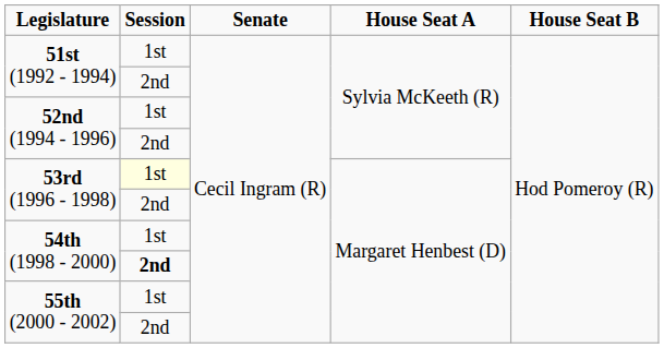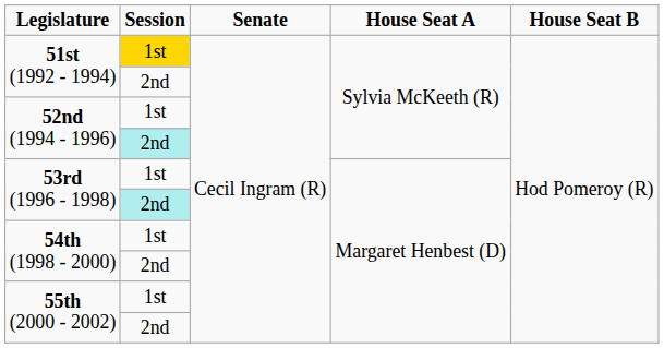 <table class=wikitable style="text-align:center">
 <tr>
 <td><strong>Legislature</strong></td>
 <td><strong>Session</strong></td>
 <td><strong>Senate</strong></td>
 <td><strong>House Seat A</strong></td>
 <td><strong>House Seat B</strong></td>
 </tr>
 <tr>
 <td rowspan="2" colspan="1" style="text-align: center;"><strong>51st</strong> <br> (1992 - 1994)</td>
-<td>1st</td>
+<td style="background: gold;">1st</td>
 <td rowspan="10" colspan="1" style="text-align: center;" >Cecil Ingram (R)</td>
 <td rowspan="4" colspan="1" style="text-align: center;" >Sylvia McKeeth (R)</td>
 <td rowspan="10" colspan="1" style="text-align: center;" >Hod Pomeroy (R)</td>
 </tr>
 <tr>
 <td>2nd</td>
 </tr>
 <tr>
 <td rowspan="2" colspan="1" style="text-align: center;"><strong>52nd</strong> <br> (1994 - 1996)</td>
 <td>1st</td>
 </tr>
 <tr>
-<td>2nd</td>
+<td style="background: paleturquoise;">2nd</td>
 </tr>
 <tr>
 <td rowspan="2" colspan="1" style="text-align: center;"><strong>53rd</strong> <br> (1996 - 1998)</td>
-<td style="background: lightyellow;">1st</td>
+<td>1st</td>
 <td rowspan="6" colspan="1" style="text-align: center;" >Margaret Henbest (D)</td>
 </tr>
 <tr>
-<td>2nd</td>
+<td style="background: paleturquoise;">2nd</td>
 </tr>
 <tr>
 <td rowspan="2" colspan="1" style="text-align: center;"><strong>54th</strong> <br> (1998 - 2000)</td>
 <td>1st</td>
 </tr>
 <tr>
-<td><strong>2nd</strong></td>
+<td>2nd</td>
 </tr>
 <tr>
 <td rowspan="2" colspan="1" style="text-align: center;"><strong>55th</strong> <br> (2000 - 2002)</td>
 <td>1st</td>
 </tr>
 <tr>
 <td>2nd</td>
 </tr>
 </table>
